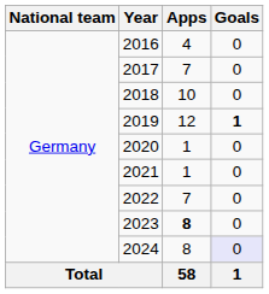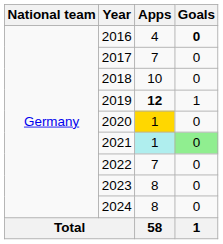 <table class="wikitable" style="text-align:center">
 <tr>
 <th>National team</th>
 <th>Year</th>
 <th>Apps</th>
 <th>Goals</th>
 </tr>
 <tr>
 <td rowspan="9"><a href='#'>Germany</a></td>
 <td>2016</td>
 <td>4</td>
-<td>0</td>
+<td><strong>0</strong></td>
 </tr>
 <tr>
 <td>2017</td>
 <td>7</td>
 <td>0</td>
 </tr>
 <tr>
 <td>2018</td>
 <td>10</td>
 <td>0</td>
 </tr>
 <tr>
 <td>2019</td>
-<td>12</td>
-<td><strong>1</strong></td>
+<td><strong>12</strong></td>
+<td>1</td>
 </tr>
 <tr>
 <td>2020</td>
-<td>1</td>
+<td style="background: gold;">1</td>
 <td>0</td>
 </tr>
 <tr>
 <td>2021</td>
-<td>1</td>
-<td>0</td>
+<td style="background: paleturquoise;">1</td>
+<td style="background: lightgreen;">0</td>
 </tr>
 <tr>
 <td>2022</td>
 <td>7</td>
 <td>0</td>
 </tr>
 <tr>
 <td>2023</td>
-<td><strong>8</strong></td>
+<td>8</td>
 <td>0</td>
 </tr>
 <tr>
 <td>2024</td>
 <td>8</td>
-<td style="background: lavender;">0</td>
+<td>0</td>
 </tr>
 <tr>
 <th colspan="2">Total</th>
 <th>58</th>
 <th>1</th>
 </tr>
 </table>
